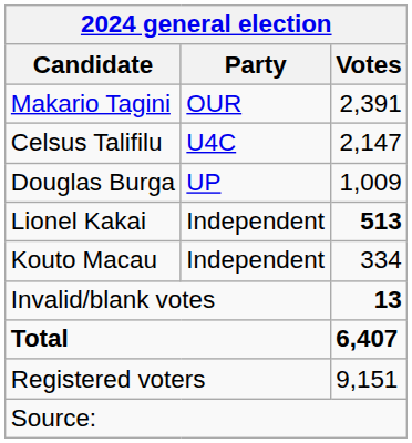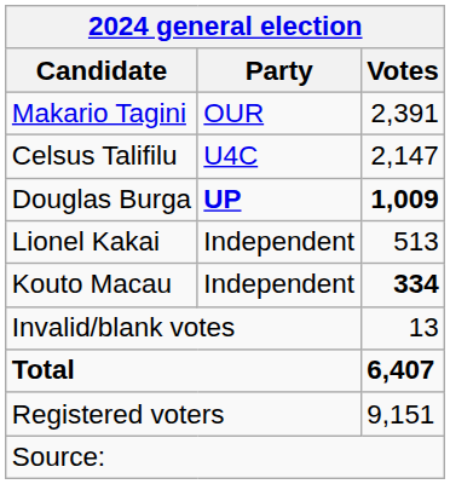 <table class=wikitable style=text-align:left>
 <tr>
 <th colspan=3><a href='#'>2024 general election</a></th>
 </tr>
 <tr>
 <th>Candidate</th>
 <th>Party</th>
 <th>Votes</th>
 </tr>
 <tr>
 <td><a href='#'>Makario Tagini</a></td>
 <td><a href='#'>OUR</a></td>
 <td align=right>2,391</td>
 </tr>
 <tr>
 <td>Celsus Talifilu</td>
 <td><a href='#'>U4C</a></td>
 <td align=right>2,147</td>
 </tr>
 <tr>
 <td>Douglas Burga</td>
-<td><a href='#'>UP</a></td>
-<td align=right>1,009</td>
+<td><strong><a href='#'>UP</a></strong></td>
+<td align=right><strong>1,009</strong></td>
 </tr>
 <tr>
 <td>Lionel Kakai</td>
 <td>Independent</td>
-<td align=right><strong>513</strong></td>
+<td align=right>513</td>
 </tr>
 <tr>
 <td>Kouto Macau</td>
 <td>Independent</td>
-<td align="right">334</td>
+<td align="right"><strong>334</strong></td>
 </tr>
 <tr>
 <td colspan=2>Invalid/blank votes</td>
-<td align=right><strong>13</strong></td>
+<td align=right>13</td>
 </tr>
 <tr>
 <td colspan=2><strong>Total</strong></td>
 <td><strong>6,407 </strong></td>
 </tr>
 <tr>
 <td colspan=2>Registered voters</td>
 <td>9,151</td>
 </tr>
 <tr>
 <td colspan=3>Source: </td>
 </tr>
 </table>
